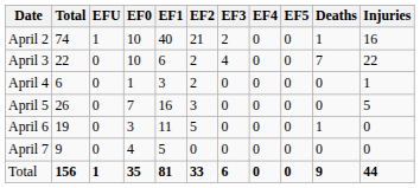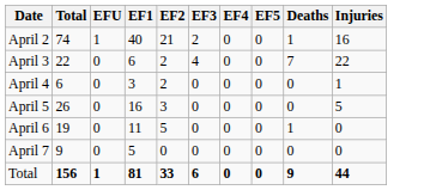 <table class="wikitable sortable defaultright">
 <tr>
 <th scope="col">Date</th>
 <th scope="col">Total</th>
 <th scope="col">EFU</th>
-<th scope="col">EF0</th>
 <th scope="col">EF1</th>
 <th scope="col">EF2</th>
 <th scope="col">EF3</th>
 <th scope="col">EF4</th>
 <th scope="col">EF5</th>
 <th scope="col">Deaths</th>
 <th scope="col">Injuries</th>
 </tr>
 <tr>
 <td>April 2</td>
 <td>74</td>
 <td>1</td>
-<td>10</td>
 <td>40</td>
 <td>21</td>
 <td>2</td>
 <td>0</td>
 <td>0</td>
 <td>1</td>
 <td>16</td>
 </tr>
 <tr>
 <td>April 3</td>
 <td>22</td>
 <td>0</td>
-<td>10</td>
 <td>6</td>
 <td>2</td>
 <td>4</td>
 <td>0</td>
 <td>0</td>
 <td>7</td>
 <td>22</td>
 </tr>
 <tr>
 <td>April 4</td>
 <td>6</td>
 <td>0</td>
-<td>1</td>
 <td>3</td>
 <td>2</td>
 <td>0</td>
 <td>0</td>
 <td>0</td>
 <td>0</td>
 <td>1</td>
 </tr>
 <tr>
 <td>April 5</td>
 <td>26</td>
 <td>0</td>
-<td>7</td>
 <td>16</td>
 <td>3</td>
 <td>0</td>
 <td>0</td>
 <td>0</td>
 <td>0</td>
 <td>5</td>
 </tr>
 <tr>
 <td>April 6</td>
 <td>19</td>
 <td>0</td>
-<td>3</td>
 <td>11</td>
 <td>5</td>
 <td>0</td>
 <td>0</td>
 <td>0</td>
 <td>1</td>
 <td>0</td>
 </tr>
 <tr>
 <td>April 7</td>
 <td>9</td>
 <td>0</td>
-<td>4</td>
 <td>5</td>
 <td>0</td>
 <td>0</td>
 <td>0</td>
 <td>0</td>
 <td>0</td>
 <td>0</td>
 </tr>
 <tr class="sortbottom">
 <td>Total</td>
 <td><strong>156</strong></td>
 <td><strong>1</strong></td>
-<td><strong>35</strong></td>
 <td><strong>81</strong></td>
 <td><strong>33</strong></td>
 <td><strong>6</strong></td>
 <td><strong>0</strong></td>
 <td><strong>0</strong></td>
 <td><strong>9</strong></td>
 <td><strong>44</strong></td>
 </tr>
 </table>
